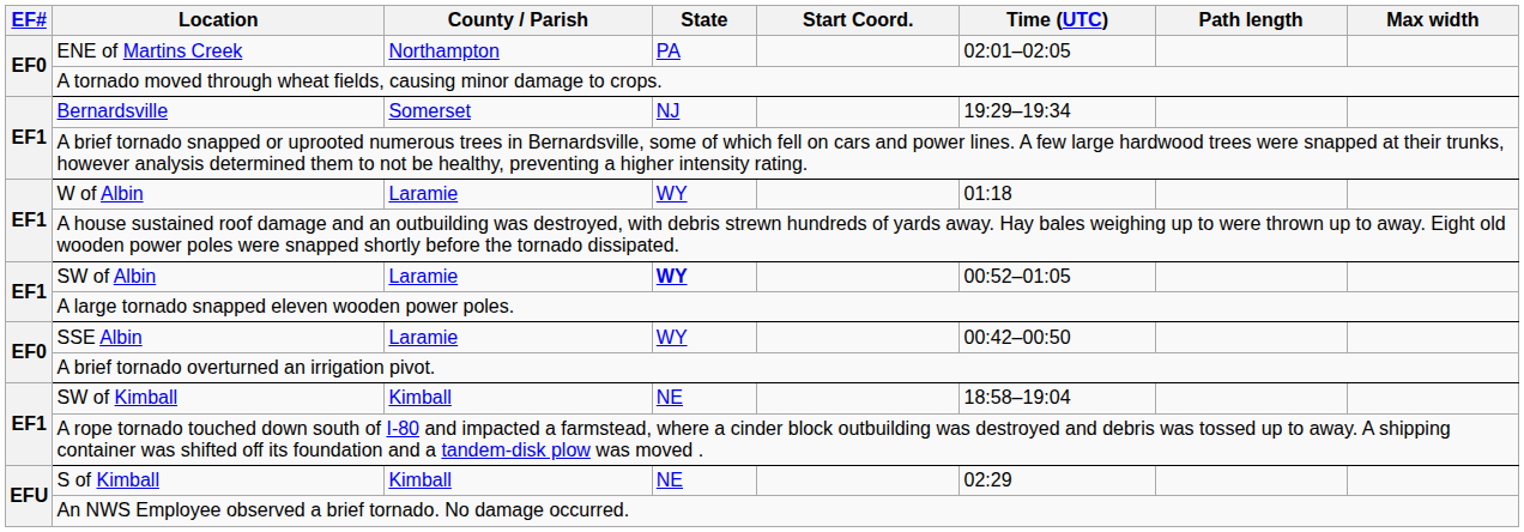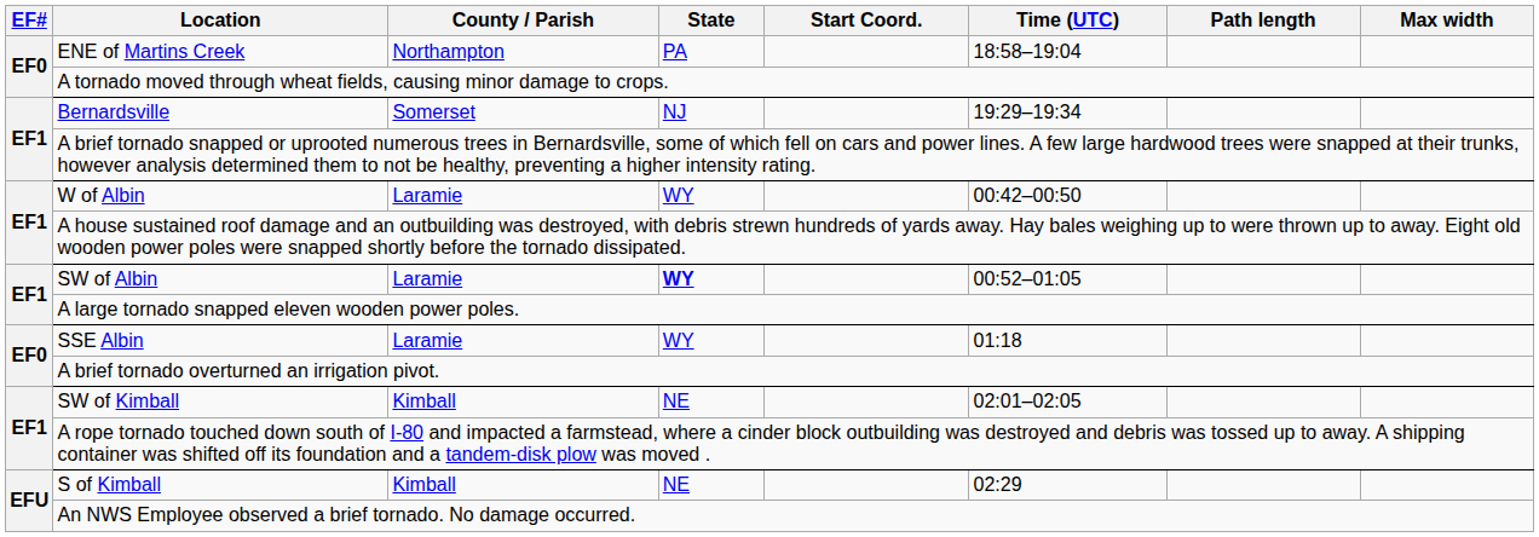 <table class="wikitable sortable" style="width:100%;">
 <tr>
 <th scope="col" width="2%" align="center"><a href='#'>EF#</a></th>
 <th scope="col" align="center" class="unsortable">Location</th>
 <th scope="col" align="center" class="unsortable">County / Parish</th>
 <th scope="col" align="center">State</th>
 <th scope="col" align="center">Start Coord.</th>
 <th scope="col" align="center">Time (<a href='#'>UTC</a>)</th>
 <th scope="col" align="center">Path length</th>
 <th scope="col" align="center">Max width</th>
 </tr>
 <tr>
 <th scope="row" rowspan="2" style="background-color:#">EF0</th>
 <td>ENE of <a href='#'>Martins Creek</a></td>
 <td><a href='#'>Northampton</a></td>
 <td><a href='#'>PA</a></td>
 <td></td>
-<td>02:01–02:05</td>
+<td>18:58–19:04</td>
 <td></td>
 <td></td>
 </tr>
 <tr class="expand-child">
 <td colspan="8" style=" border-bottom: 1px solid black;">A tornado moved through wheat fields, causing minor damage to crops.</td>
 </tr>
 <tr>
 <th scope="row" rowspan="2" style="background-color:#">EF1</th>
 <td><a href='#'>Bernardsville</a></td>
 <td><a href='#'>Somerset</a></td>
 <td><a href='#'>NJ</a></td>
 <td></td>
 <td>19:29–19:34</td>
 <td></td>
 <td></td>
 </tr>
 <tr class="expand-child">
 <td colspan="8" style=" border-bottom: 1px solid black;">A brief tornado snapped or uprooted numerous trees in Bernardsville, some of which fell on cars and power lines. A few large hardwood trees were snapped at their trunks, however analysis determined them to not be healthy, preventing a higher intensity rating.</td>
 </tr>
 <tr>
 <th scope="row" rowspan="2" style="background-color:#">EF1</th>
 <td>W of <a href='#'>Albin</a></td>
 <td><a href='#'>Laramie</a></td>
 <td><a href='#'>WY</a></td>
 <td></td>
-<td>01:18</td>
+<td>00:42–00:50</td>
 <td></td>
 <td></td>
 </tr>
 <tr class="expand-child">
 <td colspan="8" style=" border-bottom: 1px solid black;">A house sustained roof damage and an outbuilding was destroyed, with debris strewn hundreds of yards away. Hay bales weighing up to  were thrown up to  away. Eight old wooden power poles were snapped shortly before the tornado dissipated.</td>
 </tr>
 <tr>
 <th scope="row" rowspan="2" style="background-color:#">EF1</th>
 <td>SW of <a href='#'>Albin</a></td>
 <td><a href='#'>Laramie</a></td>
 <td><strong><a href='#'>WY</a></strong></td>
 <td></td>
 <td>00:52–01:05</td>
 <td></td>
 <td></td>
 </tr>
 <tr class="expand-child">
 <td colspan="8" style=" border-bottom: 1px solid black;">A large tornado snapped eleven wooden power poles.</td>
 </tr>
 <tr>
 <th scope="row" rowspan="2" style="background-color:#">EF0</th>
 <td>SSE <a href='#'>Albin</a></td>
 <td><a href='#'>Laramie</a></td>
 <td><a href='#'>WY</a></td>
 <td></td>
-<td>00:42–00:50</td>
+<td>01:18</td>
 <td></td>
 <td></td>
 </tr>
 <tr class="expand-child">
 <td colspan="8" style=" border-bottom: 1px solid black;">A brief tornado overturned an irrigation pivot.</td>
 </tr>
 <tr>
 <th scope="row" rowspan="2" style="background-color:#">EF1</th>
 <td>SW of <a href='#'>Kimball</a></td>
 <td><a href='#'>Kimball</a></td>
 <td><a href='#'>NE</a></td>
 <td></td>
-<td>18:58–19:04</td>
+<td>02:01–02:05</td>
 <td></td>
 <td></td>
 </tr>
 <tr class="expand-child">
 <td colspan="8" style=" border-bottom: 1px solid black;">A rope tornado touched down south of <a href='#'>I-80</a> and impacted a farmstead, where a cinder block outbuilding was destroyed and debris was tossed up to  away. A shipping container was shifted off its foundation and a  <a href='#'>tandem-disk plow</a> was moved .</td>
 </tr>
 <tr>
 <th scope="row" rowspan="2" style="background-color:#">EFU</th>
 <td>S of <a href='#'>Kimball</a></td>
 <td><a href='#'>Kimball</a></td>
 <td><a href='#'>NE</a></td>
 <td></td>
 <td>02:29</td>
 <td></td>
 <td></td>
 </tr>
 <tr class="expand-child">
 <td colspan="8" style=" border-bottom: 1px solid black;">An NWS Employee observed a brief tornado. No damage occurred.</td>
 </tr>
 <tr>
 </tr>
 </table>
